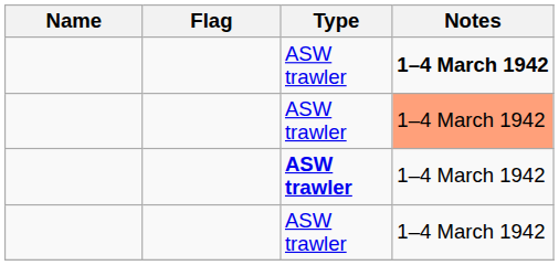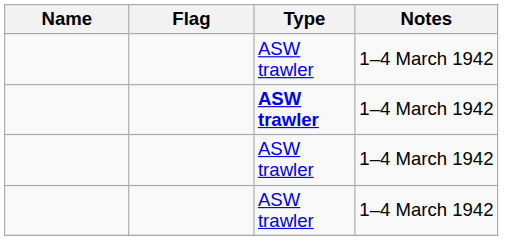 <table class="wikitable sortable">
 <tr>
 <th scope="col" width="100px">Name</th>
 <th scope="col" width="100px">Flag</th>
 <th scope="col" width="80px">Type</th>
 <th>Notes</th>
 </tr>
 <tr>
 <td align="left"></td>
 <td align="left"></td>
 <td align="left"><a href='#'>ASW trawler</a></td>
-<td align="right"><strong>1–4 March 1942</strong></td>
-</tr>
-<tr>
-<td align="left"></td>
-<td align="left"></td>
-<td align="left"><a href='#'>ASW trawler</a></td>
-<td align="left" style="background: lightsalmon;">1–4 March 1942</td>
+<td align="right">1–4 March 1942</td>
 </tr>
 <tr>
 <td align="left"></td>
 <td align="left"></td>
 <td align="left"><strong><a href='#'>ASW trawler</a></strong></td>
 <td align="left">1–4 March 1942</td>
 </tr>
 <tr>
 <td align="left"></td>
 <td align="left"></td>
 <td align="left"><a href='#'>ASW trawler</a></td>
 <td align="left">1–4 March 1942</td>
 </tr>
 <tr>
+<td align="left"></td>
+<td align="left"></td>
+<td align="left"><a href='#'>ASW trawler</a></td>
+<td align="left">1–4 March 1942</td>
+</tr>
+<tr>
 </tr>
 </table>
